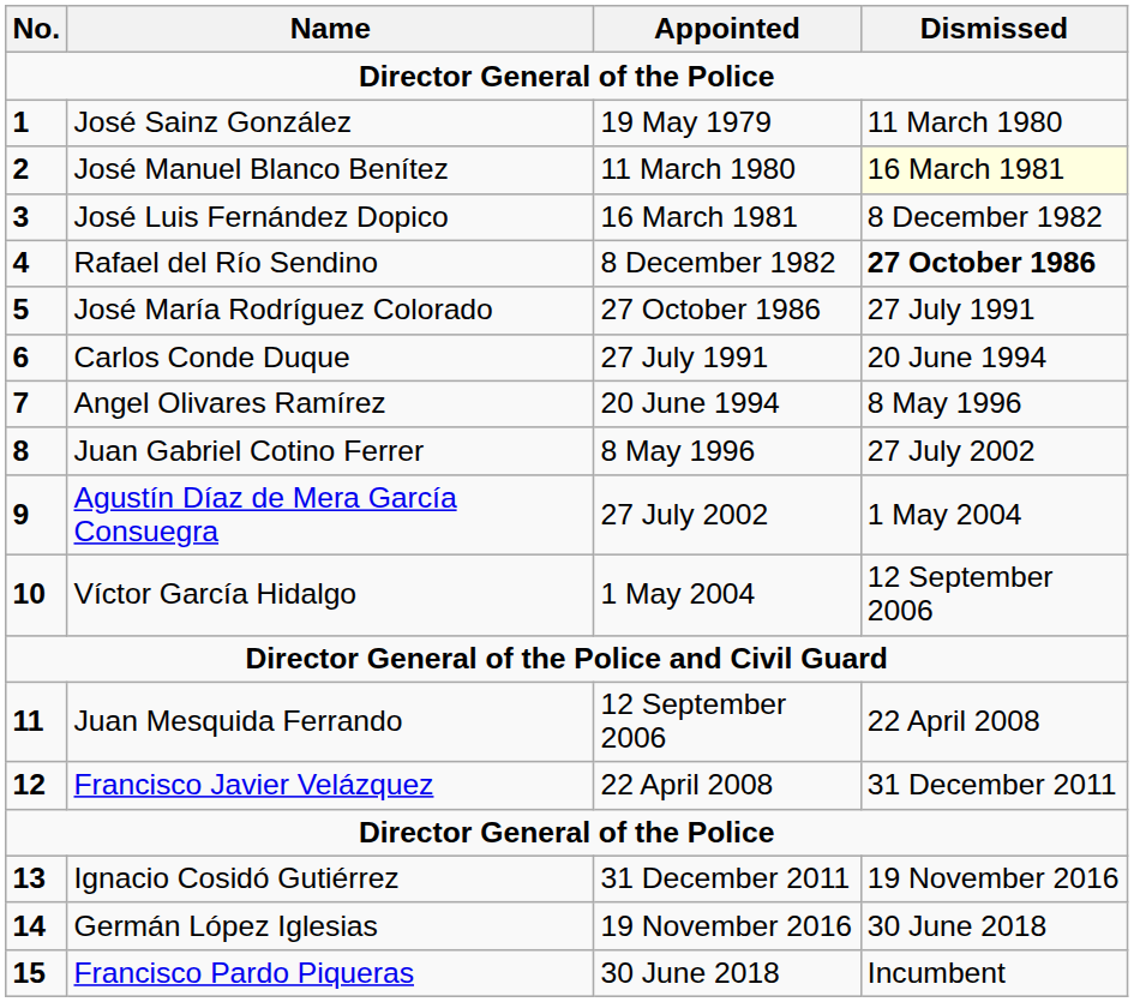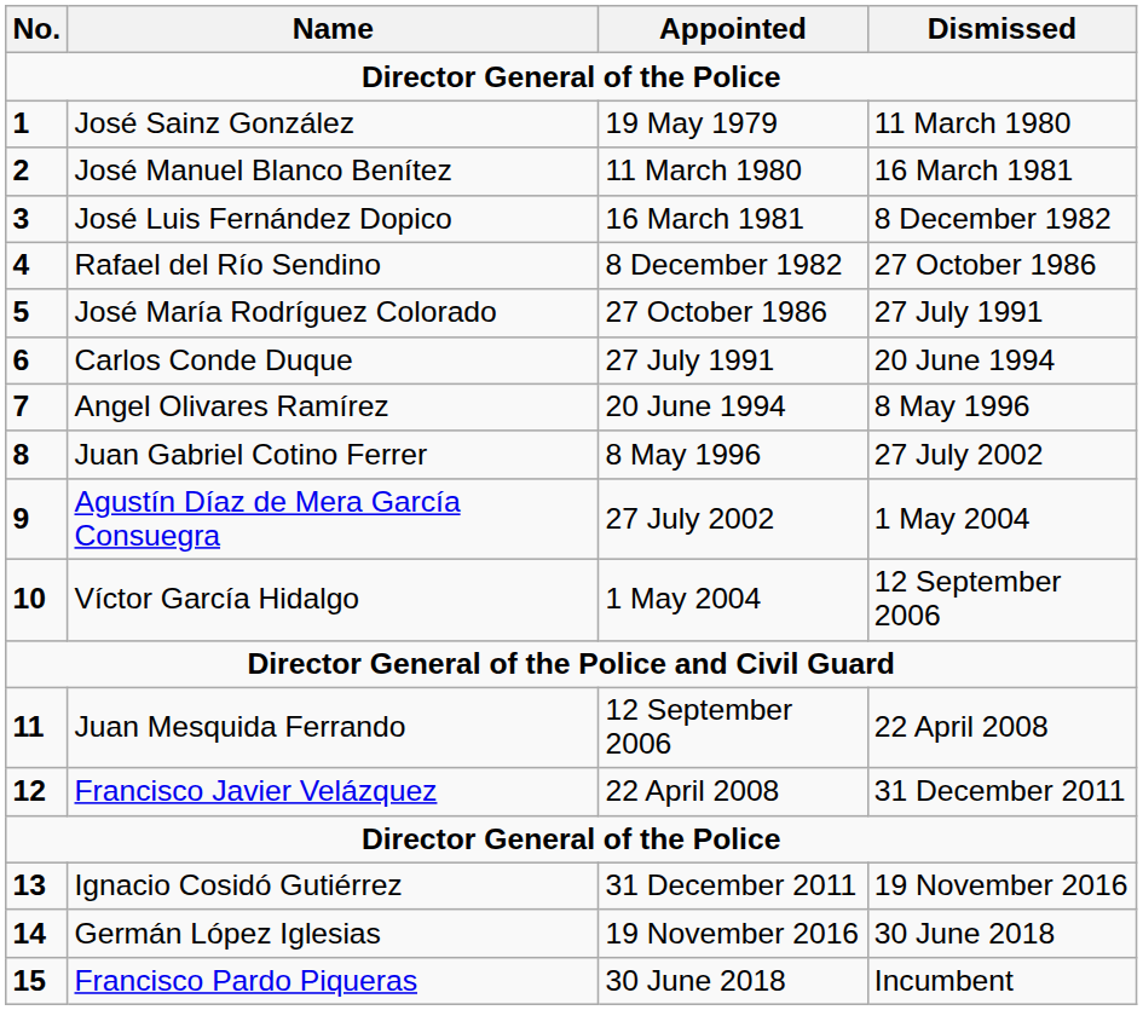 <table class="wikitable">
 <tr>
 <th>No.</th>
 <th>Name</th>
 <th>Appointed</th>
 <th>Dismissed</th>
 </tr>
 <tr>
 <td style="text-align:center;" colspan="5"><strong>Director General of the Police</strong></td>
 </tr>
 <tr>
 <td><strong>1</strong></td>
 <td>José Sainz González</td>
 <td>19 May 1979</td>
 <td>11 March 1980</td>
 </tr>
 <tr>
 <td><strong>2</strong></td>
 <td>José Manuel Blanco Benítez</td>
 <td>11 March 1980</td>
-<td style="background: lightyellow;">16 March 1981</td>
+<td>16 March 1981</td>
 </tr>
 <tr>
 <td><strong>3</strong></td>
 <td>José Luis Fernández Dopico</td>
 <td>16 March 1981</td>
 <td>8 December 1982</td>
 </tr>
 <tr>
 <td><strong>4</strong></td>
 <td>Rafael del Río Sendino</td>
 <td>8 December 1982</td>
-<td><strong>27 October 1986</strong></td>
+<td>27 October 1986</td>
 </tr>
 <tr>
 <td><strong>5</strong></td>
 <td>José María Rodríguez Colorado</td>
 <td>27 October 1986</td>
 <td>27 July 1991</td>
 </tr>
 <tr>
 <td><strong>6</strong></td>
 <td>Carlos Conde Duque</td>
 <td>27 July 1991</td>
 <td>20 June 1994</td>
 </tr>
 <tr>
 <td><strong>7</strong></td>
 <td>Angel Olivares Ramírez</td>
 <td>20 June 1994</td>
 <td>8 May 1996</td>
 </tr>
 <tr>
 <td><strong>8</strong></td>
 <td>Juan Gabriel Cotino Ferrer</td>
 <td>8 May 1996</td>
 <td>27 July 2002</td>
 </tr>
 <tr>
 <td><strong>9</strong></td>
 <td><a href='#'>Agustín Díaz de Mera García Consuegra</a></td>
 <td>27 July 2002</td>
 <td>1 May 2004</td>
 </tr>
 <tr>
 <td><strong>10</strong></td>
 <td>Víctor García Hidalgo</td>
 <td>1 May 2004</td>
 <td>12 September 2006</td>
 </tr>
 <tr>
 <td style="text-align:center;" colspan="5"><strong>Director General of the Police and Civil Guard</strong></td>
 </tr>
 <tr>
 <td><strong>11</strong></td>
 <td>Juan Mesquida Ferrando</td>
 <td>12 September 2006</td>
 <td>22 April 2008</td>
 </tr>
 <tr>
 <td><strong>12</strong></td>
 <td><a href='#'>Francisco Javier Velázquez</a></td>
 <td>22 April 2008</td>
 <td>31 December 2011</td>
 </tr>
 <tr>
 <td style="text-align:center;" colspan="5"><strong>Director General of the Police</strong></td>
 </tr>
 <tr>
 <td><strong>13</strong></td>
 <td>Ignacio Cosidó Gutiérrez</td>
 <td>31 December 2011</td>
 <td>19 November 2016</td>
 </tr>
 <tr>
 <td><strong>14</strong></td>
 <td>Germán López Iglesias</td>
 <td>19 November 2016</td>
 <td>30 June 2018</td>
 </tr>
 <tr>
 <td><strong>15</strong></td>
 <td><a href='#'>Francisco Pardo Piqueras</a></td>
 <td>30 June 2018</td>
 <td>Incumbent</td>
 </tr>
 </table>
